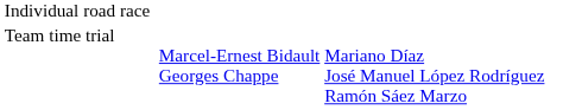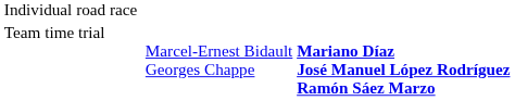 <table>
 <tr>
 <td>Individual road race</td>
 <td></td>
 <td></td>
 <td></td>
 </tr>
 <tr valign="top">
 <td>Team time trial</td>
 <td></td>
 <td><br><a href='#'>Marcel-Ernest Bidault</a><br><a href='#'>Georges Chappe</a></td>
-<td><br><a href='#'>Mariano Díaz</a><br><a href='#'>José Manuel López Rodríguez</a><br><a href='#'>Ramón Sáez Marzo</a></td>
+<td><strong><br><a href='#'>Mariano Díaz</a><br><a href='#'>José Manuel López Rodríguez</a><br><a href='#'>Ramón Sáez Marzo</a></strong></td>
 </tr>
 </table>
